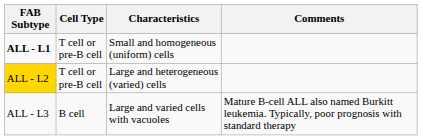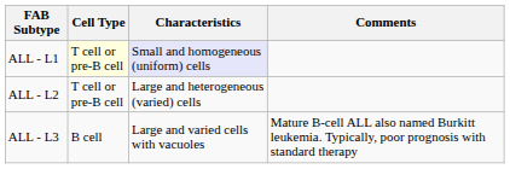 <table class="wikitable">
 <tr>
 <th>FAB Subtype</th>
 <th>Cell Type</th>
 <th>Characteristics</th>
 <th>Comments</th>
 </tr>
 <tr>
-<td><strong>ALL - L1</strong></td>
-<td>T cell or pre-B cell</td>
-<td>Small and homogeneous (uniform) cells</td>
+<td>ALL - L1</td>
+<td style="background: lightyellow;">T cell or pre-B cell</td>
+<td style="background: lavender;">Small and homogeneous (uniform) cells</td>
 <td></td>
 </tr>
 <tr>
-<td style="background: gold;">ALL - L2</td>
+<td>ALL - L2</td>
 <td>T cell or pre-B cell</td>
 <td>Large and heterogeneous  (varied) cells</td>
 <td></td>
 </tr>
 <tr>
 <td>ALL - L3</td>
 <td>B cell</td>
 <td>Large and varied cells with vacuoles</td>
 <td>Mature B-cell ALL also named Burkitt leukemia. Typically, poor prognosis with standard therapy</td>
 </tr>
 </table>
